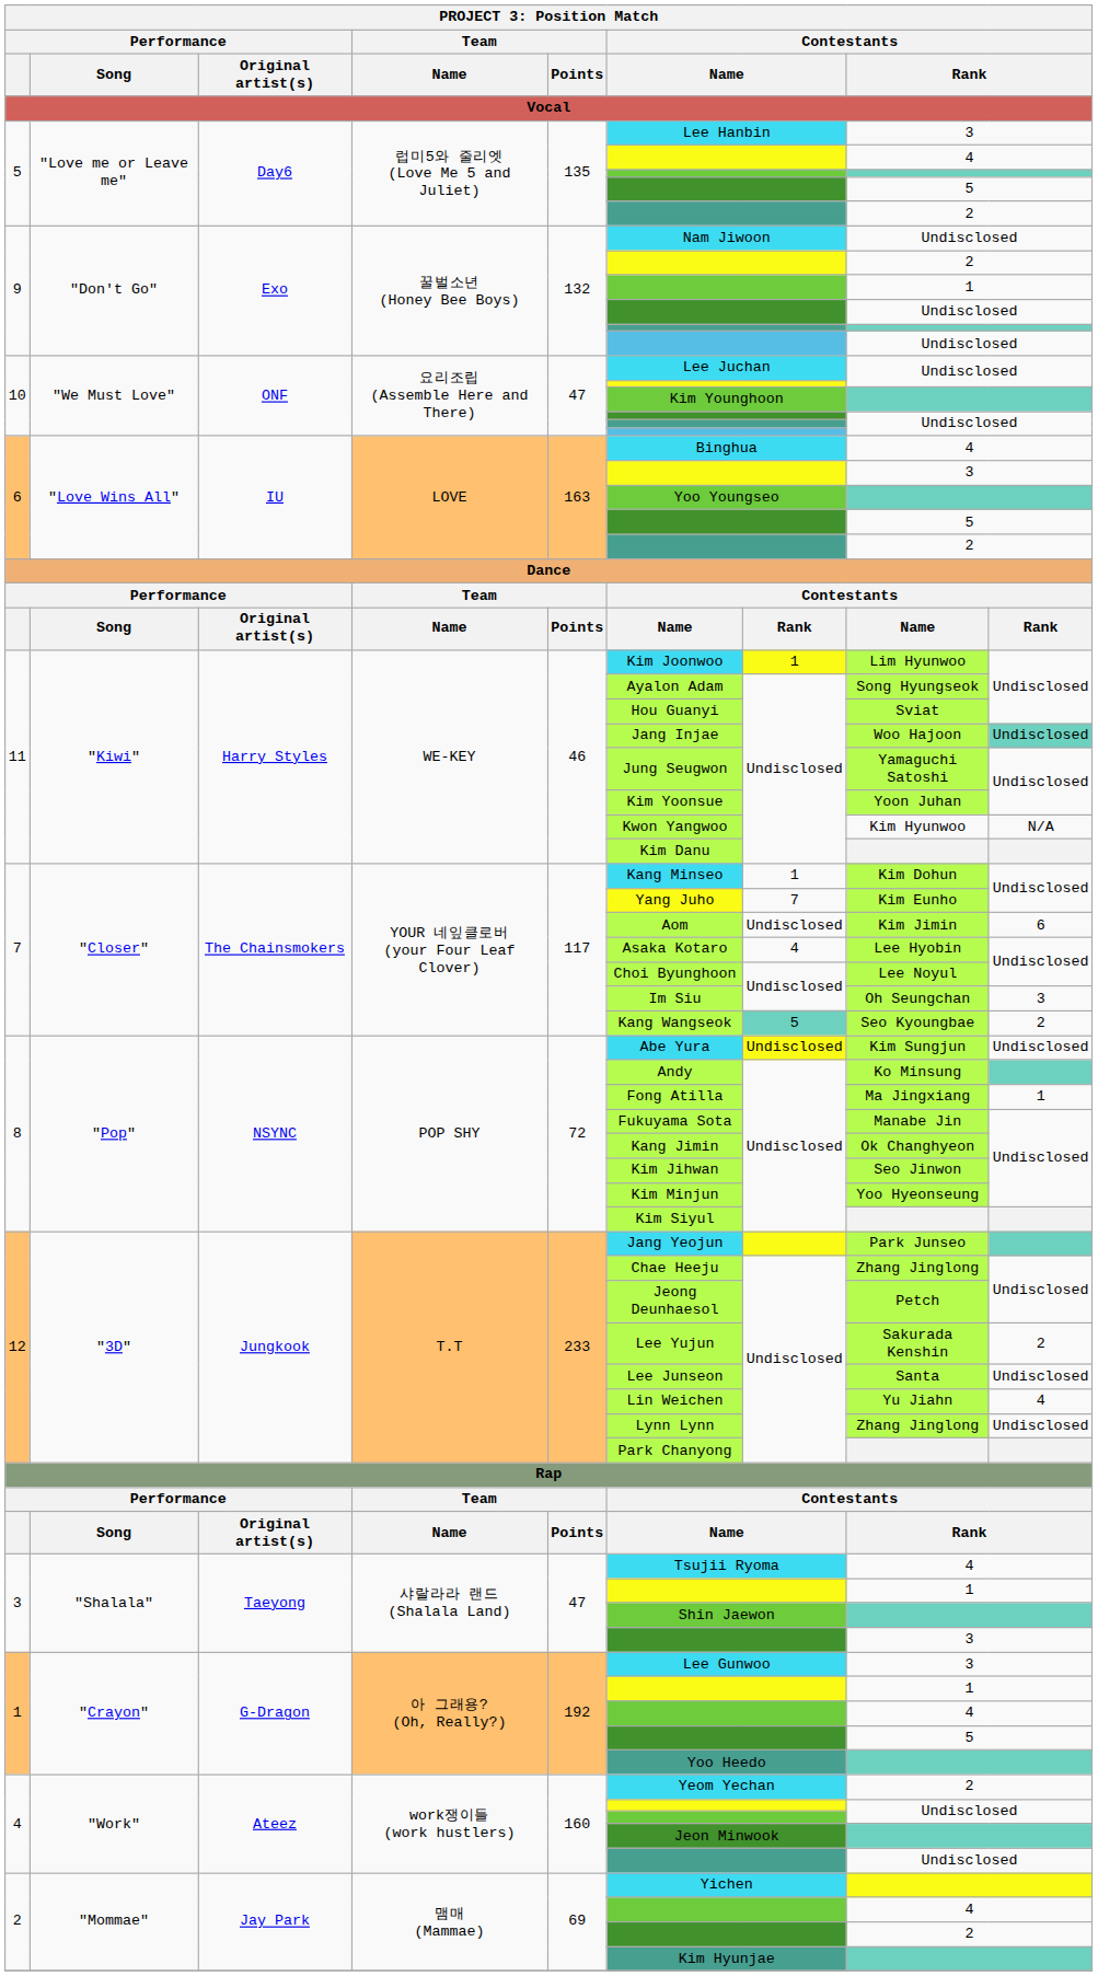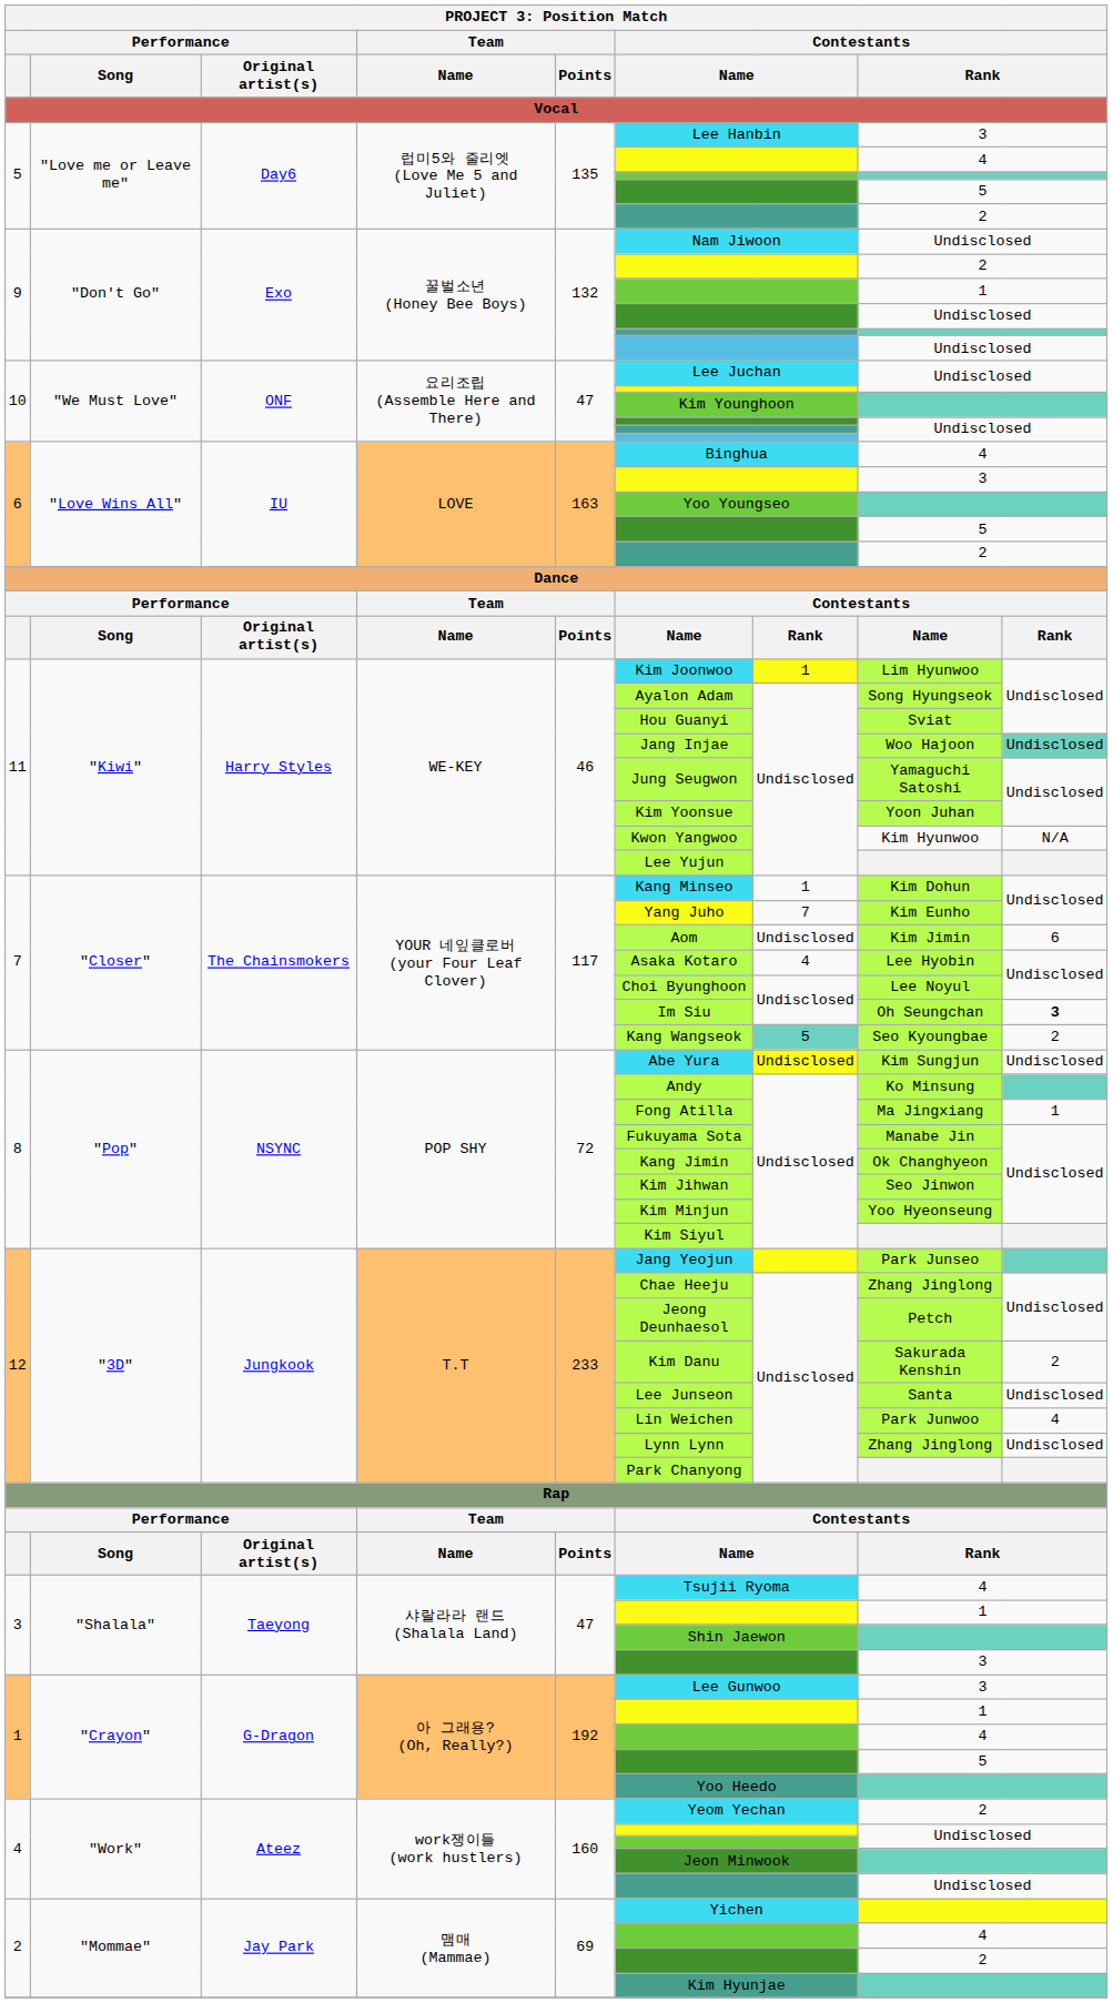 <table class="wikitable sortable mw-collapsible mw-collapsed" style="font-size:90%; text-align:center; ">
 <tr>
 <th colspan="9">PROJECT 3: Position Match</th>
 </tr>
 <tr>
 <th colspan="3">Performance</th>
 <th colspan="2">Team</th>
 <th colspan="4">Contestants</th>
 </tr>
 <tr>
 <th></th>
 <th>Song</th>
 <th>Original artist(s)</th>
 <th>Name</th>
 <th>Points</th>
 <th colspan="2">Name</th>
 <th colspan="2">Rank</th>
 </tr>
 <tr>
 <th colspan="9" style="background:#D2605A">Vocal</th>
 </tr>
 <tr>
 <td rowspan="5">5</td>
 <td rowspan="5">"Love me or Leave me"</td>
 <td rowspan="5"><a href='#'>Day6</a></td>
 <td rowspan="5">럽미5와 줄리엣<br>(Love Me 5 and Juliet)</td>
 <td rowspan="5">135</td>
 <td colspan="2" style="background:#3cdbf2">Lee Hanbin</td>
 <td colspan="2">3</td>
 </tr>
 <tr>
 <td colspan="2" style="background:#fafc15"></td>
 <td colspan="2">4</td>
 </tr>
 <tr>
 <td colspan="2" style="background:#6DCB3C"></td>
 <td colspan="2" style="background:#6CD1BF"></td>
 </tr>
 <tr>
 <td colspan="2" style="background:#41912c"></td>
 <td colspan="2">5</td>
 </tr>
 <tr>
 <td colspan="2" style="background:#479f90"></td>
 <td colspan="2">2</td>
 </tr>
 <tr>
 <td rowspan="6">9</td>
 <td rowspan="6">"Don't Go"<br></td>
 <td rowspan="6"><a href='#'>Exo</a></td>
 <td rowspan="6">꿀벌소년<br>(Honey Bee Boys)</td>
 <td rowspan="6">132</td>
 <td colspan="2" style="background:#3cdbf2">Nam Jiwoon</td>
 <td colspan="2">Undisclosed</td>
 </tr>
 <tr>
 <td colspan="2" style="background:#fafc15"></td>
 <td colspan="2">2</td>
 </tr>
 <tr>
 <td colspan="2" style="background:#6DCB3C"></td>
 <td colspan="2">1</td>
 </tr>
 <tr>
 <td colspan="2" style="background:#41912c"></td>
 <td colspan="2">Undisclosed</td>
 </tr>
 <tr>
 <td colspan="2" style="background:#479f90"></td>
 <td colspan="2" style="background:#6CD1BF"></td>
 </tr>
 <tr>
 <td colspan="2" style="background:#56BEE5"></td>
 <td colspan="2">Undisclosed</td>
 </tr>
 <tr>
 <td rowspan="6">10</td>
 <td rowspan="6">"We Must Love"<br></td>
 <td rowspan="6"><a href='#'>ONF</a></td>
 <td rowspan="6">요리조립<br>(Assemble Here and There)</td>
 <td rowspan="6">47</td>
 <td colspan="2" style="background:#3cdbf2">Lee Juchan</td>
 <td colspan="2" rowspan="2">Undisclosed</td>
 </tr>
 <tr>
 <td colspan="2" style="background:#fafc15"></td>
 </tr>
 <tr>
 <td colspan="2" style="background:#6DCB3C">Kim Younghoon</td>
 <td colspan="2" style="background:#6CD1BF"></td>
 </tr>
 <tr>
 <td colspan="2" style="background:#41912c"></td>
 <td colspan="2" rowspan="3">Undisclosed</td>
 </tr>
 <tr>
 <td colspan="2" style="background:#479f90"></td>
 </tr>
 <tr>
 <td colspan="2" style="background:#56BEE5"></td>
 </tr>
 <tr>
 <td rowspan="5" style="background:#FFC06F">6</td>
 <td rowspan="5">"<a href='#'>Love Wins All</a>"</td>
 <td rowspan="5"><a href='#'>IU</a></td>
 <td rowspan="5" style="background:#FFC06F">LOVE</td>
 <td rowspan="5" style="background:#FFC06F">163</td>
 <td colspan="2" style="background:#3cdbf2">Binghua</td>
 <td colspan="2">4</td>
 </tr>
 <tr>
 <td colspan="2" style="background:#fafc15"></td>
 <td colspan="2">3</td>
 </tr>
 <tr>
 <td colspan="2" style="background:#6DCB3C"> Yoo Youngseo </td>
 <td colspan="2" style="background:#6CD1BF"></td>
 </tr>
 <tr>
 <td colspan="2" style="background:#41912c"></td>
 <td colspan="2">5</td>
 </tr>
 <tr>
 <td colspan="2" style="background:#479f90"></td>
 <td colspan="2">2</td>
 </tr>
 <tr>
 <th colspan="9" style="background:#F0B074">Dance</th>
 </tr>
 <tr>
 <th colspan="3">Performance</th>
 <th colspan="2">Team</th>
 <th colspan="4">Contestants</th>
 </tr>
 <tr>
 <th></th>
 <th>Song</th>
 <th>Original artist(s)</th>
 <th>Name</th>
 <th>Points</th>
 <th>Name</th>
 <th>Rank</th>
 <th>Name</th>
 <th>Rank</th>
 </tr>
 <tr>
 <td rowspan="8">11</td>
 <td rowspan="8">"<a href='#'>Kiwi</a>"</td>
 <td rowspan="8"><a href='#'>Harry Styles</a></td>
 <td rowspan="8">WE-KEY</td>
 <td rowspan="8">46</td>
 <td style="background:#3cdbf2">Kim Joonwoo</td>
 <td style="background:#FAFC15">1</td>
 <td style="background:#b6fc4f">Lim Hyunwoo</td>
 <td rowspan="3">Undisclosed</td>
 </tr>
 <tr>
 <td style="background:#b6fc4f">Ayalon Adam</td>
 <td rowspan="7">Undisclosed</td>
 <td style="background:#b6fc4f">Song Hyungseok</td>
 </tr>
 <tr>
 <td style="background:#b6fc4f">Hou Guanyi</td>
 <td style="background:#b6fc4f">Sviat</td>
 </tr>
 <tr>
 <td style="background:#b6fc4f">Jang Injae</td>
 <td style="background:#b6fc4f">Woo Hajoon</td>
 <td style="background:#6CD1BF">Undisclosed</td>
 </tr>
 <tr>
 <td style="background:#b6fc4f">Jung Seugwon</td>
 <td style="background:#b6fc4f">Yamaguchi Satoshi</td>
 <td rowspan="2">Undisclosed</td>
 </tr>
 <tr>
 <td style="background:#b6fc4f">Kim Yoonsue</td>
 <td style="background:#b6fc4f">Yoon Juhan</td>
 </tr>
 <tr>
 <td style="background:#b6fc4f">Kwon Yangwoo</td>
 <td>Kim Hyunwoo</td>
 <td>N/A</td>
 </tr>
 <tr>
-<td style="background:#b6fc4f">Kim Danu</td>
+<td style="background:#b6fc4f">Lee Yujun</td>
 <th></th>
 <th></th>
 </tr>
 <tr>
 <td rowspan="7">7</td>
 <td rowspan="7">"<a href='#'>Closer</a>"</td>
 <td rowspan="7"><a href='#'>The Chainsmokers</a></td>
 <td rowspan="7">YOUR 네잎클로버<br>(your Four Leaf Clover)</td>
 <td rowspan="7">117</td>
 <td style="background:#3cdbf2">Kang Minseo</td>
 <td>1</td>
 <td style="background:#b6fc4f">Kim Dohun</td>
 <td rowspan="2">Undisclosed</td>
 </tr>
 <tr>
 <td style="background:#fafc15">Yang Juho</td>
 <td>7</td>
 <td style="background:#b6fc4f">Kim Eunho</td>
 </tr>
 <tr>
 <td style="background:#b6fc4f">Aom</td>
 <td>Undisclosed</td>
 <td style="background:#b6fc4f">Kim Jimin</td>
 <td>6</td>
 </tr>
 <tr>
 <td style="background:#b6fc4f">Asaka Kotaro</td>
 <td>4</td>
 <td style="background:#b6fc4f">Lee Hyobin</td>
 <td rowspan="2">Undisclosed</td>
 </tr>
 <tr>
 <td style="background:#b6fc4f">Choi Byunghoon</td>
 <td rowspan="2">Undisclosed</td>
 <td style="background:#b6fc4f">Lee Noyul</td>
 </tr>
 <tr>
 <td style="background:#b6fc4f">Im Siu</td>
 <td style="background:#b6fc4f">Oh Seungchan</td>
-<td>3</td>
+<td><strong>3</strong></td>
 </tr>
 <tr>
 <td style="background:#b6fc4f">Kang Wangseok</td>
 <td style="background:#6CD1BF">5</td>
 <td style="background:#b6fc4f">Seo Kyoungbae</td>
 <td>2</td>
 </tr>
 <tr>
 <td rowspan="8">8</td>
 <td rowspan="8">"<a href='#'>Pop</a>"</td>
 <td rowspan="8"><a href='#'>NSYNC</a></td>
 <td rowspan="8">POP SHY</td>
 <td rowspan="8">72</td>
 <td style="background:#3cdbf2">Abe Yura</td>
 <td style="background:#FAFC15">Undisclosed</td>
 <td style="background:#b6fc4f">Kim Sungjun</td>
 <td>Undisclosed</td>
 </tr>
 <tr>
 <td style="background:#b6fc4f">Andy</td>
 <td rowspan="7">Undisclosed</td>
 <td style="background:#b6fc4f">Ko Minsung</td>
 <td style="background:#6CD1BF"></td>
 </tr>
 <tr>
 <td style="background:#b6fc4f">Fong Atilla</td>
 <td style="background:#b6fc4f">Ma Jingxiang</td>
 <td>1</td>
 </tr>
 <tr>
 <td style="background:#b6fc4f">Fukuyama Sota</td>
 <td style="background:#b6fc4f">Manabe Jin</td>
 <td rowspan="4">Undisclosed</td>
 </tr>
 <tr>
 <td style="background:#b6fc4f">Kang Jimin</td>
 <td style="background:#b6fc4f">Ok Changhyeon</td>
 </tr>
 <tr>
 <td style="background:#b6fc4f">Kim Jihwan</td>
 <td style="background:#b6fc4f">Seo Jinwon</td>
 </tr>
 <tr>
 <td style="background:#b6fc4f">Kim Minjun</td>
 <td style="background:#b6fc4f">Yoo Hyeonseung</td>
 </tr>
 <tr>
 <td style="background:#b6fc4f">Kim Siyul</td>
 <th></th>
 <th></th>
 </tr>
 <tr>
 <td rowspan="8" style="background:#FFC06F">12</td>
 <td rowspan="8">"<a href='#'>3D</a>"</td>
 <td rowspan="8"><a href='#'>Jungkook</a></td>
 <td rowspan="8" style="background:#FFC06F">T.T</td>
 <td rowspan="8" style="background:#FFC06F">233</td>
 <td style="background:#3cdbf2">Jang Yeojun</td>
 <td style="background:#FAFC15"></td>
 <td style="background:#b6fc4f"> Park Junseo </td>
 <td style="background:#6CD1BF"></td>
 </tr>
 <tr>
 <td style="background:#b6fc4f">Chae Heeju</td>
 <td rowspan="7">Undisclosed</td>
 <td style="background:#b6fc4f">Zhang Jinglong</td>
 <td rowspan="2">Undisclosed</td>
 </tr>
 <tr>
 <td style="background:#b6fc4f">Jeong Deunhaesol</td>
 <td style="background:#b6fc4f">Petch</td>
 </tr>
 <tr>
-<td style="background:#b6fc4f">Lee Yujun</td>
+<td style="background:#b6fc4f">Kim Danu</td>
 <td style="background:#b6fc4f">Sakurada Kenshin</td>
 <td>2</td>
 </tr>
 <tr>
 <td style="background:#b6fc4f">Lee Junseon</td>
 <td style="background:#b6fc4f">Santa</td>
 <td>Undisclosed</td>
 </tr>
 <tr>
 <td style="background:#b6fc4f">Lin Weichen</td>
-<td style="background:#b6fc4f">Yu Jiahn</td>
+<td style="background:#b6fc4f">Park Junwoo</td>
 <td>4</td>
 </tr>
 <tr>
 <td style="background:#b6fc4f">Lynn Lynn</td>
 <td style="background:#b6fc4f">Zhang Jinglong</td>
 <td>Undisclosed</td>
 </tr>
 <tr>
 <td style="background:#b6fc4f">Park Chanyong</td>
 <th></th>
 <th></th>
 </tr>
 <tr>
 <th colspan="9" style="background:#859B7B">Rap</th>
 </tr>
 <tr>
 <th colspan="3">Performance</th>
 <th colspan="2">Team</th>
 <th colspan="4">Contestants</th>
 </tr>
 <tr>
 <th></th>
 <th>Song</th>
 <th>Original artist(s)</th>
 <th>Name</th>
 <th>Points</th>
 <th colspan="2">Name</th>
 <th colspan="2">Rank</th>
 </tr>
 <tr>
 <td rowspan="4">3</td>
 <td rowspan="4">"Shalala"</td>
 <td rowspan="4"><a href='#'>Taeyong</a></td>
 <td rowspan="4">샤랄라라 랜드<br>(Shalala Land)</td>
 <td rowspan="4">47</td>
 <td colspan="2" style="background:#3cdbf2">Tsujii Ryoma</td>
 <td colspan="2">4</td>
 </tr>
 <tr>
 <td colspan="2" style="background:#fafc15"></td>
 <td colspan="2">1</td>
 </tr>
 <tr>
 <td colspan="2" style="background:#6DCB3C">Shin Jaewon</td>
 <td colspan="2" style="background:#6CD1BF"></td>
 </tr>
 <tr>
 <td colspan="2" style="background:#41912c"></td>
 <td colspan="2">3</td>
 </tr>
 <tr>
 <td rowspan="5" style="background:#FFC06F">1</td>
 <td rowspan="5">"<a href='#'>Crayon</a>"<br></td>
 <td rowspan="5"><a href='#'>G-Dragon</a></td>
 <td rowspan="5" style="background:#FFC06F">아 그래용?<br>(Oh, Really?)</td>
 <td rowspan="5" style="background:#FFC06F">192</td>
 <td colspan="2" style="background:#3cdbf2">Lee Gunwoo</td>
 <td colspan="2">3</td>
 </tr>
 <tr>
 <td colspan="2" style="background:#fafc15"></td>
 <td colspan="2">1</td>
 </tr>
 <tr>
 <td colspan="2" style="background:#6DCB3C"></td>
 <td colspan="2">4</td>
 </tr>
 <tr>
 <td colspan="2" style="background:#41912c"></td>
 <td colspan="2">5</td>
 </tr>
 <tr>
 <td colspan="2" style="background:#479f90">Yoo Heedo</td>
 <td colspan="2" style="background:#6CD1BF"></td>
 </tr>
 <tr>
 <td rowspan="5">4</td>
 <td rowspan="5">"Work"</td>
 <td rowspan="5"><a href='#'>Ateez</a></td>
 <td rowspan="5">work쟁이들<br>(work hustlers)</td>
 <td rowspan="5">160</td>
 <td colspan="2" style="background:#3cdbf2">Yeom Yechan</td>
 <td colspan="2">2</td>
 </tr>
 <tr>
 <td colspan="2" style="background:#fafc15"></td>
 <td colspan="2" rowspan="2">Undisclosed</td>
 </tr>
 <tr>
 <td colspan="2" style="background:#6DCB3C"></td>
 </tr>
 <tr>
 <td colspan="2" style="background:#41912c"> Jeon Minwook </td>
 <td colspan="2" style="background:#6CD1BF"></td>
 </tr>
 <tr>
 <td colspan="2" style="background:#479f90"></td>
 <td colspan="2">Undisclosed</td>
 </tr>
 <tr>
 <td rowspan="4">2</td>
 <td rowspan="4">"Mommae"<br></td>
 <td rowspan="4"><a href='#'>Jay Park</a></td>
 <td rowspan="4">맴매<br>(Mammae)</td>
 <td rowspan="4">69</td>
 <td colspan="2" style="background:#3cdbf2">Yichen</td>
 <td colspan="2" style="background:#FAFC15"></td>
 </tr>
 <tr>
 <td colspan="2" style="background:#6DCB3C"></td>
 <td colspan="2">4</td>
 </tr>
 <tr>
 <td colspan="2" style="background:#41912c"></td>
 <td colspan="2">2</td>
 </tr>
 <tr>
 <td colspan="2" style="background:#479f90">Kim Hyunjae</td>
 <td colspan="2" style="background:#6CD1BF"></td>
 </tr>
 <tr>
 </tr>
 </table>
